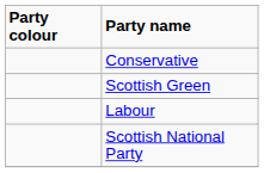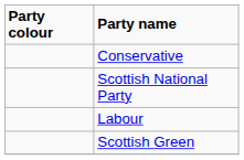 <table class="wikitable">
 <tr>
 <td width="90"><strong>Party colour</strong></td>
 <td width="150"><strong>Party name</strong></td>
 </tr>
 <tr>
 <td style="color:inherit;background:"></td>
 <td><a href='#'>Conservative</a></td>
 </tr>
 <tr>
 <td style="color:inherit;background:"></td>
-<td><a href='#'>Scottish Green</a></td>
+<td><a href='#'>Scottish National Party</a></td>
 </tr>
 <tr>
 <td style="color:inherit;background:"></td>
 <td><a href='#'>Labour</a></td>
 </tr>
 <tr>
 <td style="color:inherit;background:"></td>
-<td><a href='#'>Scottish National Party</a></td>
+<td><a href='#'>Scottish Green</a></td>
 </tr>
 <tr>
 </tr>
 </table>
